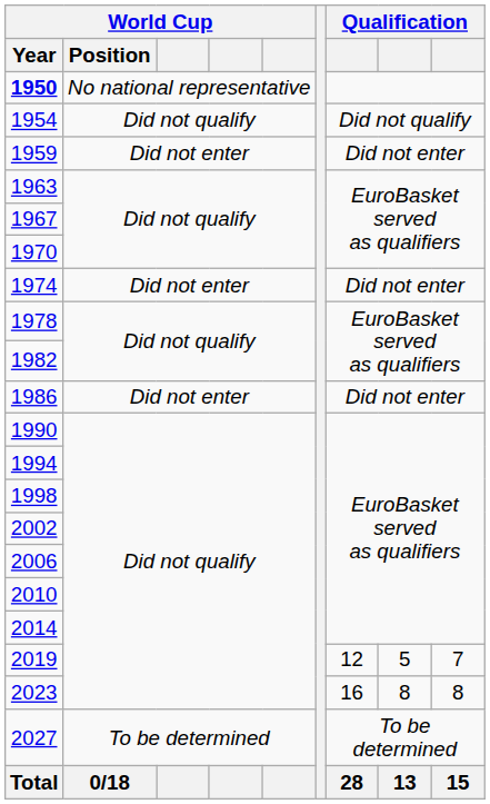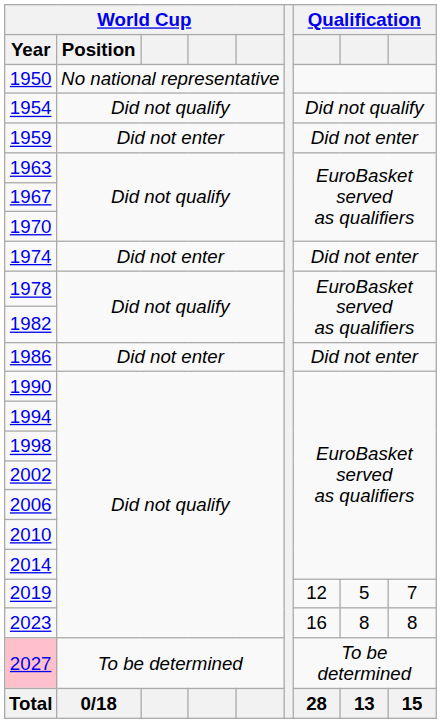 <table class="wikitable" style="text-align: center;font-size:90%;">
 <tr>
 <th colspan=5><a href='#'>World Cup</a></th>
 <th rowspan=23></th>
 <th colspan=3><a href='#'>Qualification</a></th>
 </tr>
 <tr>
 <th>Year</th>
 <th>Position</th>
 <th width=30></th>
 <th width=30></th>
 <th width=30></th>
 <th width=30></th>
 <th width=30></th>
 <th width=30></th>
 </tr>
 <tr>
-<td><strong> <a href='#'>1950</a></strong></td>
+<td> <a href='#'>1950</a></td>
 <td colspan=4><em>No national representative</em></td>
 </tr>
 <tr>
 <td> <a href='#'>1954</a></td>
 <td colspan=4><em>Did not qualify</em></td>
 <td colspan=3><em>Did not qualify</em></td>
 </tr>
 <tr>
 <td> <a href='#'>1959</a></td>
 <td colspan=4><em>Did not enter</em></td>
 <td colspan=3><em>Did not enter</em></td>
 </tr>
 <tr>
 <td> <a href='#'>1963</a></td>
 <td colspan=4 rowspan=3><em>Did not qualify</em></td>
 <td colspan=3 rowspan=3><em>EuroBasket served<br>as qualifiers</em></td>
 </tr>
 <tr>
 <td> <a href='#'>1967</a></td>
 </tr>
 <tr>
 <td> <a href='#'>1970</a></td>
 </tr>
 <tr>
 <td> <a href='#'>1974</a></td>
 <td colspan=4><em>Did not enter</em></td>
 <td colspan=3><em>Did not enter</em></td>
 </tr>
 <tr>
 <td> <a href='#'>1978</a></td>
 <td colspan=4 rowspan=2><em>Did not qualify</em></td>
 <td colspan=3 rowspan=2><em>EuroBasket served<br>as qualifiers</em></td>
 </tr>
 <tr>
 <td> <a href='#'>1982</a></td>
 </tr>
 <tr>
 <td> <a href='#'>1986</a></td>
 <td colspan=4><em>Did not enter</em></td>
 <td colspan=3><em>Did not enter</em></td>
 </tr>
 <tr>
 <td> <a href='#'>1990</a></td>
 <td colspan=4 rowspan=9><em>Did not qualify</em></td>
 <td colspan=3 rowspan=7><em>EuroBasket served<br>as qualifiers</em></td>
 </tr>
 <tr>
 <td> <a href='#'>1994</a></td>
 </tr>
 <tr>
 <td> <a href='#'>1998</a></td>
 </tr>
 <tr>
 <td> <a href='#'>2002</a></td>
 </tr>
 <tr>
 <td> <a href='#'>2006</a></td>
 </tr>
 <tr>
 <td> <a href='#'>2010</a></td>
 </tr>
 <tr>
 <td> <a href='#'>2014</a></td>
 </tr>
 <tr>
 <td> <a href='#'>2019</a></td>
 <td>12</td>
 <td>5</td>
 <td>7</td>
 </tr>
 <tr>
 <td> <a href='#'>2023</a></td>
 <td>16</td>
 <td>8</td>
 <td>8</td>
 </tr>
 <tr>
-<td> <a href='#'>2027</a></td>
+<td style="background: pink;"> <a href='#'>2027</a></td>
 <td colspan=4><em>To be determined</em></td>
 <td colspan=3><em>To be determined</em></td>
 </tr>
 <tr>
 <th>Total</th>
 <th>0/18</th>
 <th></th>
 <th></th>
 <th></th>
 <th>28</th>
 <th>13</th>
 <th>15</th>
 </tr>
 </table>
